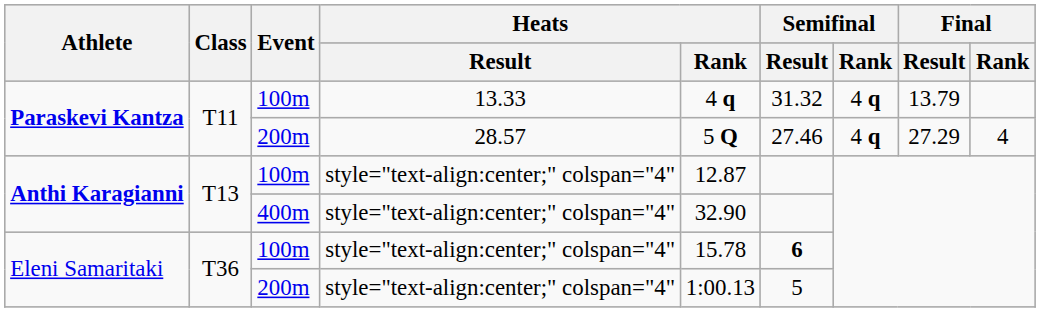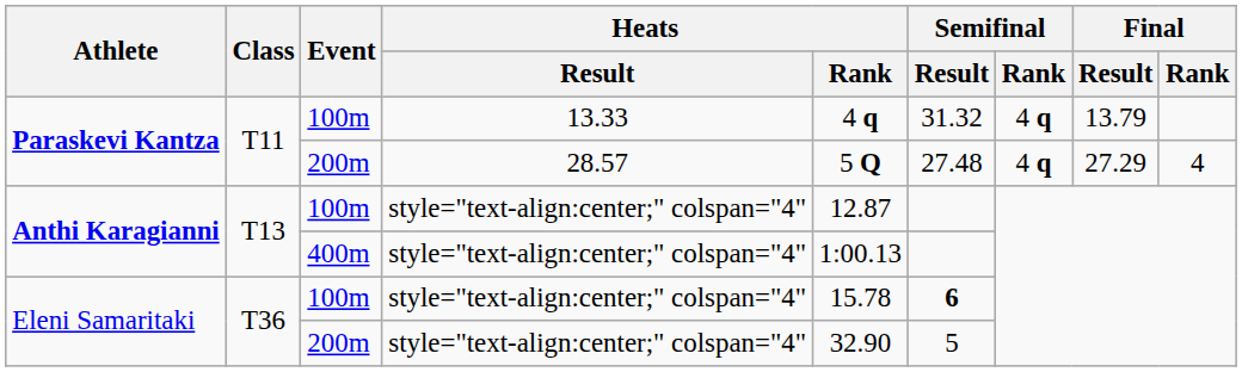 <table class=wikitable style="font-size:90%">
 <tr>
 <th rowspan="2">Athlete</th>
 <th rowspan="2">Class</th>
 <th rowspan="2">Event</th>
 <th colspan="2">Heats</th>
 <th colspan="2">Semifinal</th>
 <th colspan="2">Final</th>
 </tr>
 <tr>
 <th>Result</th>
 <th>Rank</th>
 <th>Result</th>
 <th>Rank</th>
 <th>Result</th>
 <th>Rank</th>
 </tr>
 <tr>
 <td rowspan="2"><strong><a href='#'>Paraskevi Kantza</a></strong></td>
 <td rowspan="2" style="text-align:center;">T11</td>
 <td><a href='#'>100m</a></td>
 <td style="text-align:center;">13.33</td>
 <td style="text-align:center;">4 <strong>q</strong></td>
 <td style="text-align:center;">31.32</td>
 <td style="text-align:center;">4 <strong>q</strong></td>
 <td style="text-align:center;">13.79</td>
 <td style="text-align:center;"></td>
 </tr>
 <tr>
 <td><a href='#'>200m</a></td>
 <td style="text-align:center;">28.57</td>
 <td style="text-align:center;">5 <strong>Q</strong></td>
-<td style="text-align:center;">27.46</td>
+<td style="text-align:center;">27.48</td>
 <td style="text-align:center;">4 <strong>q</strong></td>
 <td style="text-align:center;">27.29</td>
 <td style="text-align:center;">4</td>
 </tr>
 <tr>
 <td rowspan="2"><strong><a href='#'>Anthi Karagianni</a></strong></td>
 <td rowspan="2" style="text-align:center;">T13</td>
 <td><a href='#'>100m</a></td>
 <td>style="text-align:center;" colspan="4" </td>
 <td style="text-align:center;">12.87</td>
 <td style="text-align:center;"></td>
 </tr>
 <tr>
 <td><a href='#'>400m</a></td>
 <td>style="text-align:center;" colspan="4" </td>
-<td style="text-align:center;">32.90</td>
+<td style="text-align:center;">1:00.13</td>
 <td style="text-align:center;"></td>
 </tr>
 <tr>
 <td rowspan="2"><a href='#'>Eleni Samaritaki</a></td>
 <td rowspan="2" style="text-align:center;">T36</td>
 <td><a href='#'>100m</a></td>
 <td>style="text-align:center;" colspan="4" </td>
 <td style="text-align:center;">15.78</td>
 <td style="text-align:center;"><strong>6</strong></td>
 </tr>
 <tr>
 <td><a href='#'>200m</a></td>
 <td>style="text-align:center;" colspan="4" </td>
-<td style="text-align:center;">1:00.13</td>
+<td style="text-align:center;">32.90</td>
 <td style="text-align:center;">5</td>
 </tr>
 </table>
